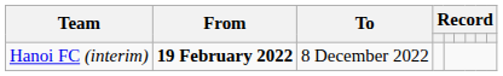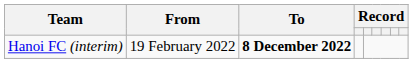 <table class="wikitable" style="text-align: center;">
 <tr>
 <th rowspan="2">Team</th>
 <th rowspan="2">From</th>
 <th rowspan="2">To</th>
 <th colspan="6">Record</th>
 </tr>
 <tr>
 <th></th>
 <th></th>
 <th></th>
 <th></th>
 <th></th>
 <th></th>
 </tr>
 <tr>
 <td><a href='#'>Hanoi FC</a> <em>(interim)</em></td>
-<td><strong>19 February 2022</strong></td>
-<td>8 December 2022<br></td>
+<td>19 February 2022</td>
+<td><strong>8 December 2022<br></strong></td>
 <td></td>
 </tr>
 </table>
